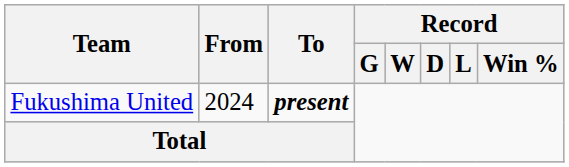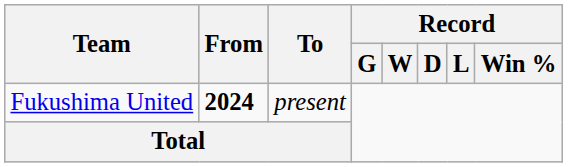 <table class="wikitable" style="text-align: center">
 <tr>
 <th rowspan="2">Team</th>
 <th rowspan="2">From</th>
 <th rowspan="2">To</th>
 <th colspan="5">Record</th>
 </tr>
 <tr>
 <th>G</th>
 <th>W</th>
 <th>D</th>
 <th>L</th>
 <th>Win %</th>
 </tr>
 <tr>
 <td align="left"><a href='#'>Fukushima United</a></td>
-<td align="left">2024</td>
-<td align="left"><strong><em>present</em><br></strong></td>
+<td align="left"><strong>2024</strong></td>
+<td align="left"><em>present</em><br></td>
 </tr>
 <tr>
 <th colspan="3">Total<br></th>
 </tr>
 </table>
